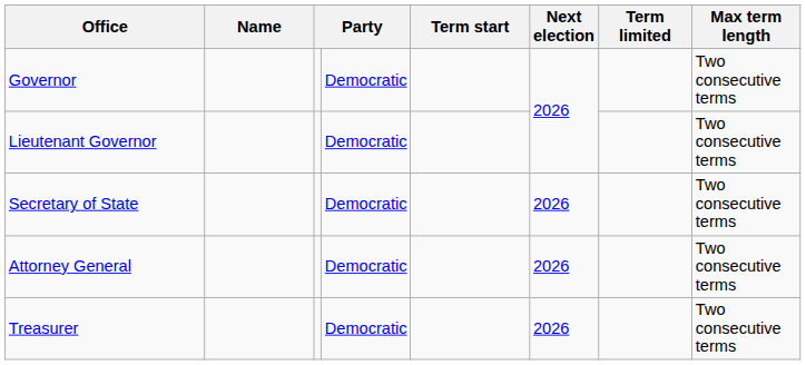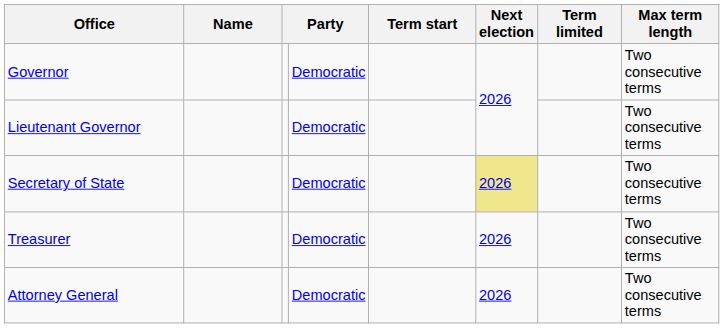 <table class="sortable wikitable">
 <tr>
 <th scope="col" width=190>Office</th>
 <th scope="col" width=100>Name</th>
 <th scope="col" width=75 colspan=2>Party</th>
 <th scope="col" width=110>Term start</th>
 <th scope="col" width=50>Next election</th>
 <th scope="col" width=85>Term limited</th>
 <th scope="col" width=100>Max term length</th>
 </tr>
 <tr>
 <td><a href='#'>Governor</a></td>
 <td></td>
 <td style="background-color:"></td>
 <td><a href='#'>Democratic</a></td>
 <td></td>
 <td rowspan=2><a href='#'>2026</a></td>
 <td></td>
 <td>Two consecutive terms</td>
 </tr>
 <tr>
 <td><a href='#'>Lieutenant Governor</a></td>
 <td></td>
 <td style="background-color:"></td>
 <td><a href='#'>Democratic</a></td>
 <td></td>
 <td></td>
 <td>Two consecutive terms</td>
 </tr>
 <tr>
 <td><a href='#'>Secretary of State</a></td>
 <td></td>
 <td style="background-color:"></td>
 <td><a href='#'>Democratic</a></td>
 <td></td>
+<td style="background: khaki;"><a href='#'>2026</a></td>
+<td></td>
+<td>Two consecutive terms</td>
+</tr>
+<tr>
+<td><a href='#'>Treasurer</a></td>
+<td></td>
+<td style="background-color:"></td>
+<td><a href='#'>Democratic</a></td>
+<td></td>
 <td><a href='#'>2026</a></td>
 <td></td>
 <td>Two consecutive terms</td>
 </tr>
 <tr>
 <td><a href='#'>Attorney General</a></td>
 <td></td>
 <td style="background-color:"></td>
 <td><a href='#'>Democratic</a></td>
 <td></td>
 <td><a href='#'>2026</a></td>
 <td></td>
 <td>Two consecutive terms</td>
 </tr>
-<tr>
-<td><a href='#'>Treasurer</a></td>
-<td></td>
-<td style="background-color:"></td>
-<td><a href='#'>Democratic</a></td>
-<td></td>
-<td><a href='#'>2026</a></td>
-<td></td>
-<td>Two consecutive terms</td>
-</tr>
 </table>
